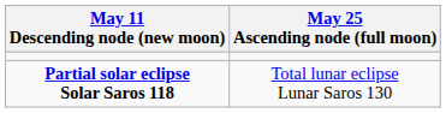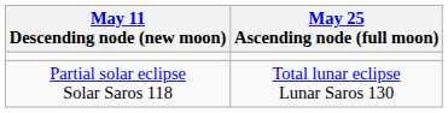 <table class="wikitable">
 <tr>
 <th><a href='#'>May 11</a><br>Descending node (new moon)<br></th>
 <th><a href='#'>May 25</a><br>Ascending node (full moon)<br></th>
 </tr>
 <tr>
 <td></td>
 <td></td>
 </tr>
 <tr align=center>
-<td><strong><a href='#'>Partial solar eclipse</a><br>Solar Saros 118</strong></td>
+<td><a href='#'>Partial solar eclipse</a><br>Solar Saros 118</td>
 <td><a href='#'>Total lunar eclipse</a><br>Lunar Saros 130</td>
 </tr>
 </table>
